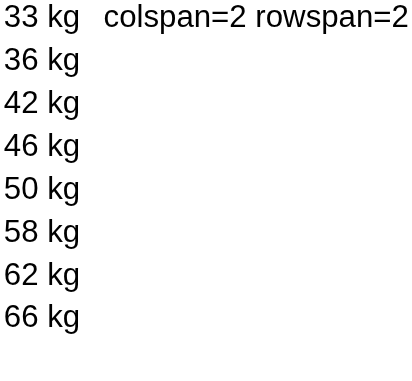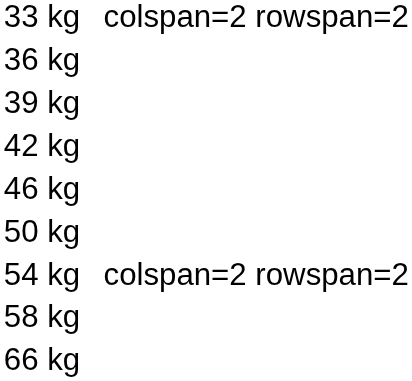 <table>
 <tr>
 <td>33 kg</td>
 <td></td>
 <td></td>
 <td>colspan=2 rowspan=2 </td>
 </tr>
 <tr>
 <td>36 kg</td>
+<td></td>
+<td></td>
+</tr>
+<tr>
+<td>39 kg</td>
+<td></td>
 <td></td>
 <td></td>
 </tr>
 <tr>
 <td>42 kg</td>
 <td></td>
 <td></td>
 <td></td>
 </tr>
 <tr>
 <td>46 kg</td>
 <td></td>
 <td></td>
 <td></td>
 </tr>
 <tr>
 <td>50 kg</td>
 <td></td>
 <td></td>
 <td></td>
 </tr>
 <tr>
-<td>58 kg</td>
+<td>54 kg</td>
 <td></td>
 <td></td>
+<td>colspan=2 rowspan=2 </td>
 </tr>
 <tr>
-<td>62 kg</td>
-<td></td>
+<td>58 kg</td>
 <td></td>
 <td></td>
 </tr>
 <tr>
 <td>66 kg</td>
 <td></td>
 <td></td>
 <td></td>
 </tr>
 </table>
